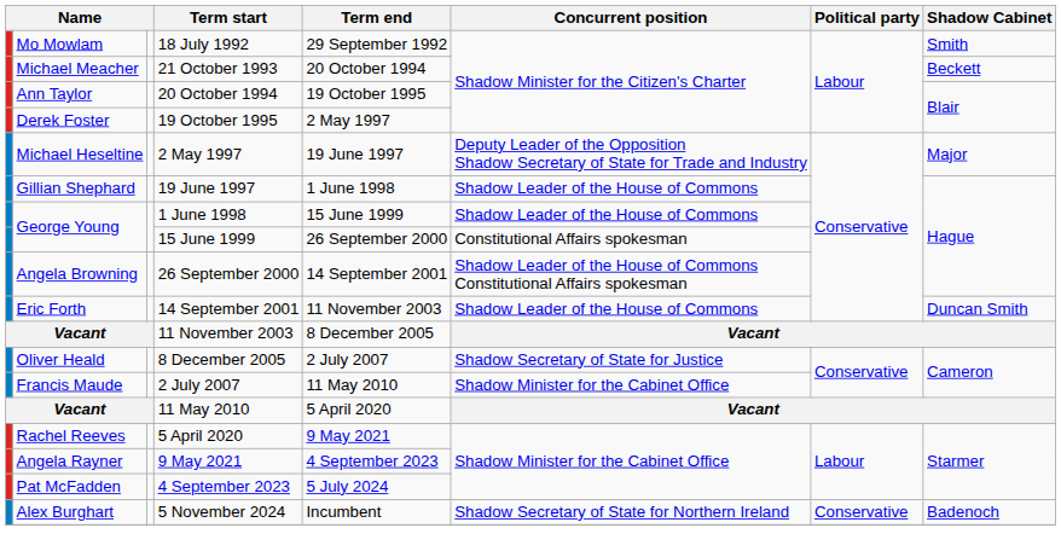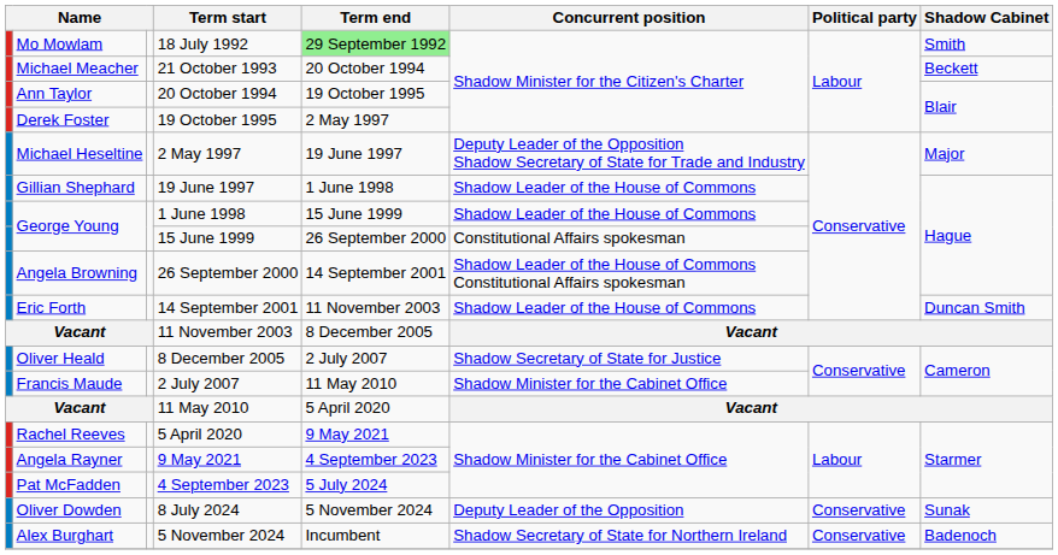 <table class="wikitable">
 <tr>
 <th colspan="3">Name</th>
 <th>Term start</th>
 <th>Term end</th>
 <th>Concurrent position</th>
 <th>Political party</th>
 <th>Shadow Cabinet</th>
 </tr>
 <tr>
 <th style="background-color: #DC241f"></th>
 <td><a href='#'>Mo Mowlam</a></td>
 <td></td>
 <td>18 July 1992</td>
-<td>29 September 1992</td>
+<td style="background: lightgreen;">29 September 1992</td>
 <td rowspan="5"><a href='#'>Shadow Minister for the Citizen's Charter</a></td>
 <td rowspan="5"><a href='#'>Labour</a></td>
 <td rowspan="2"><a href='#'>Smith</a></td>
 </tr>
 <tr>
 <th rowspan="2" style="background-color: #DC241f"></th>
 <td rowspan="2"><a href='#'>Michael Meacher</a></td>
 <td rowspan="2"></td>
 <td rowspan="2">21 October 1993</td>
 <td rowspan="2">20 October 1994</td>
 </tr>
 <tr>
 <td><a href='#'>Beckett</a></td>
 </tr>
 <tr>
 <th style="background-color: #DC241f"></th>
 <td><a href='#'>Ann Taylor</a></td>
 <td></td>
 <td>20 October 1994</td>
 <td>19 October 1995</td>
 <td rowspan="2"><a href='#'>Blair</a></td>
 </tr>
 <tr>
 <th style="background-color: #DC241f"></th>
 <td><a href='#'>Derek Foster</a></td>
 <td></td>
 <td>19 October 1995</td>
 <td>2 May 1997</td>
 </tr>
 <tr>
 <th style="background-color: #007DC2"></th>
 <td><a href='#'>Michael Heseltine</a></td>
 <td></td>
 <td>2 May 1997</td>
 <td>19 June 1997</td>
 <td><a href='#'>Deputy Leader of the Opposition</a><br><a href='#'>Shadow Secretary of State for Trade and Industry</a></td>
 <td rowspan="6"><a href='#'>Conservative</a></td>
 <td><a href='#'>Major</a></td>
 </tr>
 <tr>
 <th style="background-color: #007DC2"></th>
 <td><a href='#'>Gillian Shephard</a></td>
 <td></td>
 <td>19 June 1997</td>
 <td>1 June 1998</td>
 <td><a href='#'>Shadow Leader of the House of Commons</a></td>
 <td rowspan="4"><a href='#'>Hague</a></td>
 </tr>
 <tr>
 <th style="background-color: #007DC2"></th>
 <td rowspan="2"><a href='#'>George Young</a></td>
 <td rowspan="2"></td>
 <td>1 June 1998</td>
 <td>15 June 1999</td>
 <td><a href='#'>Shadow Leader of the House of Commons</a></td>
 </tr>
 <tr>
 <th style="background-color: #007DC2"></th>
 <td>15 June 1999</td>
 <td>26 September 2000</td>
 <td>Constitutional Affairs spokesman</td>
 </tr>
 <tr>
 <th style="background-color: #007DC2"></th>
 <td><a href='#'>Angela Browning</a></td>
 <td></td>
 <td>26 September 2000</td>
 <td>14 September 2001</td>
 <td><a href='#'>Shadow Leader of the House of Commons</a><br>Constitutional Affairs spokesman</td>
 </tr>
 <tr>
 <th style="background-color: #007DC2"></th>
 <td><a href='#'>Eric Forth</a></td>
 <td></td>
 <td>14 September 2001</td>
 <td>11 November 2003</td>
 <td><a href='#'>Shadow Leader of the House of Commons</a></td>
 <td><a href='#'>Duncan Smith</a></td>
 </tr>
 <tr>
 <th colspan="3"><em>Vacant</em></th>
 <td>11 November 2003</td>
 <td>8 December 2005</td>
 <th colspan="3"><em>Vacant</em></th>
 </tr>
 <tr>
 <th style="background-color: #007DC2"></th>
 <td><a href='#'>Oliver Heald</a></td>
 <td></td>
 <td>8 December 2005</td>
 <td>2 July 2007</td>
 <td><a href='#'>Shadow Secretary of State for Justice</a></td>
 <td rowspan="2"><a href='#'>Conservative</a></td>
 <td rowspan="2"><a href='#'>Cameron</a></td>
 </tr>
 <tr>
 <th style="background-color: #007DC2"></th>
 <td><a href='#'>Francis Maude</a></td>
 <td></td>
 <td>2 July 2007</td>
 <td>11 May 2010</td>
 <td><a href='#'>Shadow Minister for the Cabinet Office</a></td>
 </tr>
 <tr>
 <th colspan="3"><em>Vacant</em></th>
 <td>11 May 2010</td>
 <td>5 April 2020</td>
 <th colspan="3"><em>Vacant</em></th>
 </tr>
 <tr / * References>
 <th style="background-color: #DC241f"></th>
 <td><a href='#'>Rachel Reeves</a></td>
 <td></td>
 <td>5 April 2020</td>
 <td><a href='#'>9 May 2021</a></td>
 <td rowspan="3"><a href='#'>Shadow Minister for the Cabinet Office</a></td>
 <td rowspan="3"><a href='#'>Labour</a></td>
 <td rowspan="3"><a href='#'>Starmer</a></td>
 </tr>
 <tr>
 <th style="background-color: #DC241f"></th>
 <td><a href='#'>Angela Rayner</a></td>
 <td></td>
 <td><a href='#'>9 May 2021</a></td>
 <td><a href='#'>4 September 2023</a></td>
 </tr>
 <tr>
 <th style="background-color: #DC241f"></th>
 <td><a href='#'>Pat McFadden</a></td>
 <td></td>
 <td><a href='#'>4 September 2023</a></td>
 <td><a href='#'>5 July 2024</a></td>
 </tr>
 <tr>
 <th style="background-color: #007DC2"></th>
+<td><a href='#'>Oliver Dowden</a></td>
+<td></td>
+<td>8 July 2024</td>
+<td>5 November 2024</td>
+<td><a href='#'>Deputy Leader of the Opposition</a></td>
+<td><a href='#'>Conservative</a></td>
+<td><a href='#'>Sunak</a></td>
+</tr>
+<tr>
+<th style="background-color: #007DC2"></th>
 <td><a href='#'>Alex Burghart</a></td>
 <td></td>
 <td>5 November 2024</td>
 <td>Incumbent</td>
 <td><a href='#'>Shadow Secretary of State for Northern Ireland</a></td>
 <td><a href='#'>Conservative</a></td>
 <td><a href='#'>Badenoch</a></td>
 </tr>
 <tr>
 </tr>
 </table>
